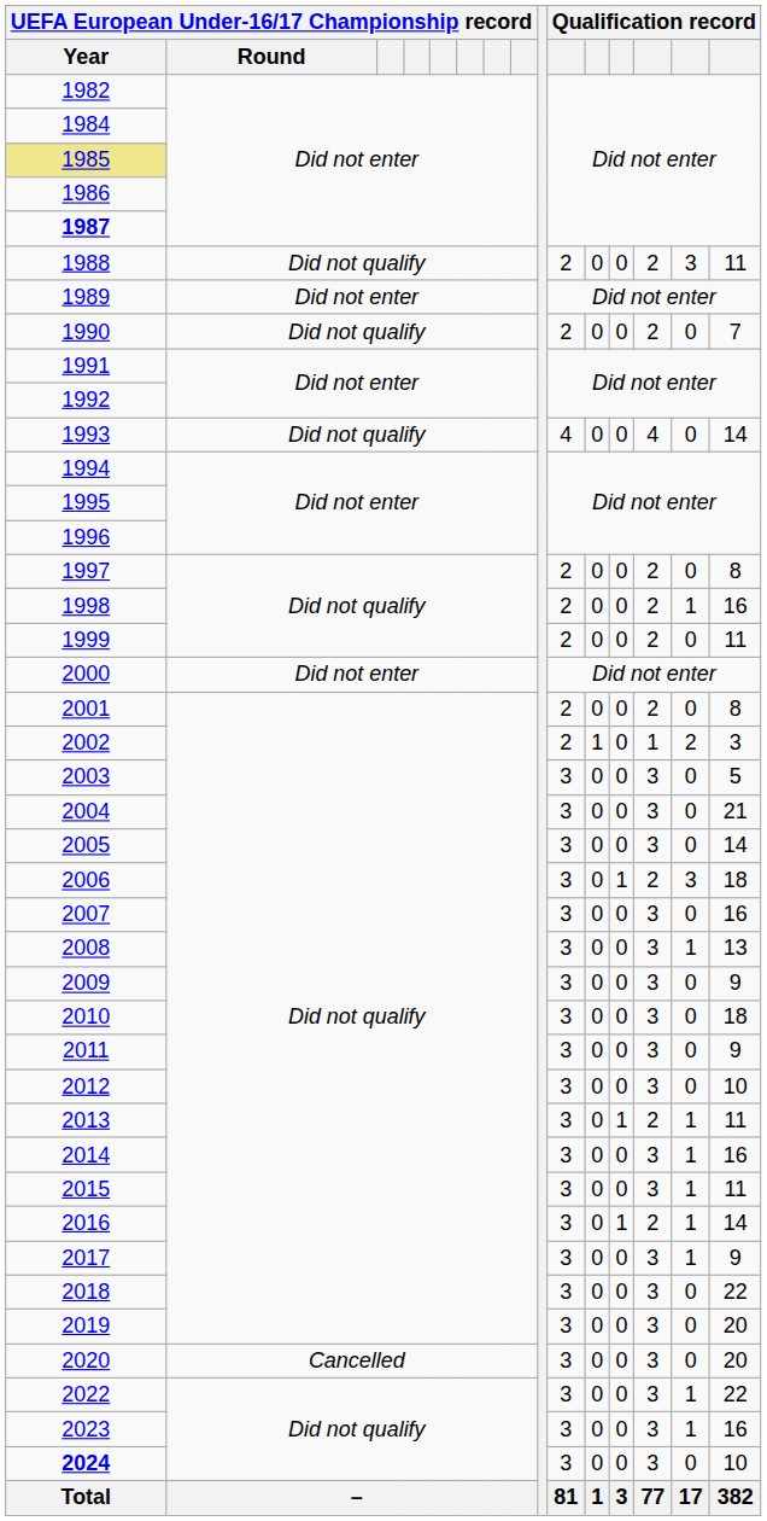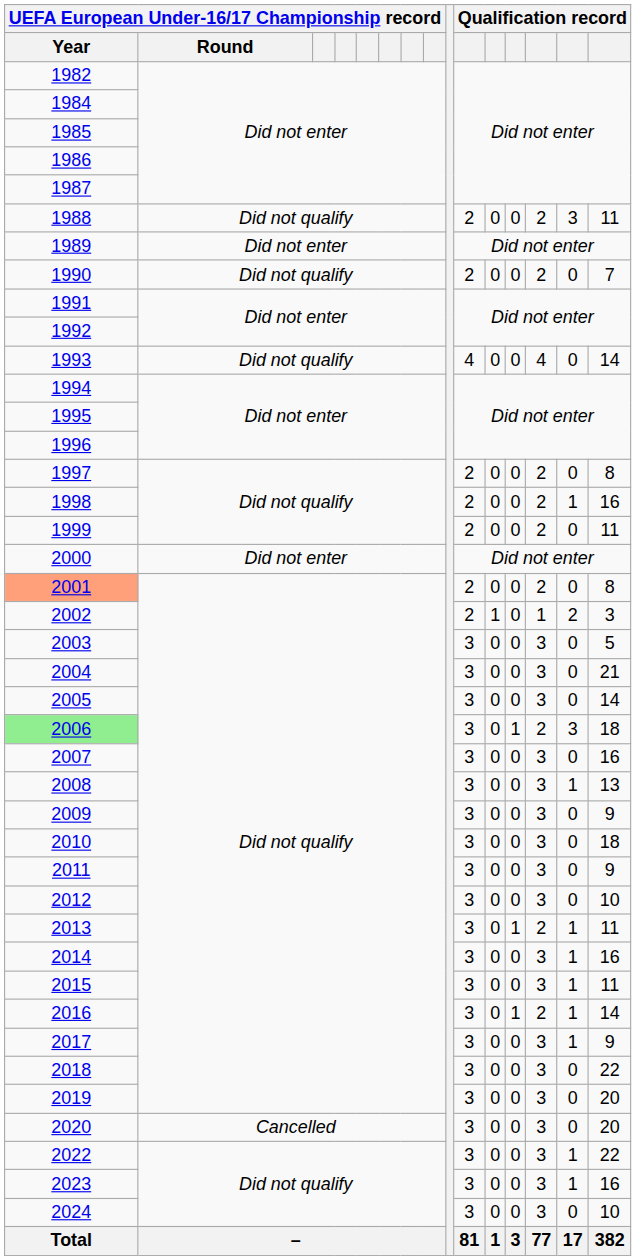 <table class="wikitable" style="text-align: center;">
 <tr>
 <th colspan=8><a href='#'>UEFA European Under-16/17 Championship</a> record</th>
 <th rowspan=50></th>
 <th colspan=6>Qualification record</th>
 </tr>
 <tr>
 <th>Year</th>
 <th>Round</th>
 <th></th>
 <th></th>
 <th></th>
 <th></th>
 <th></th>
 <th></th>
 <th></th>
 <th></th>
 <th></th>
 <th></th>
 <th></th>
 <th></th>
 </tr>
 <tr>
 <td> <a href='#'>1982</a></td>
 <td colspan=8 rowspan=5><em>Did not enter</em></td>
 <td colspan=6 rowspan=5><em>Did not enter</em></td>
 </tr>
 <tr>
 <td> <a href='#'>1984</a></td>
 </tr>
 <tr>
-<td style="background: khaki;"> <a href='#'>1985</a></td>
+<td> <a href='#'>1985</a></td>
 </tr>
 <tr>
 <td> <a href='#'>1986</a></td>
 </tr>
 <tr>
-<td><strong> <a href='#'>1987</a></strong></td>
+<td> <a href='#'>1987</a></td>
 </tr>
 <tr>
 <td> <a href='#'>1988</a></td>
 <td colspan="8"><em>Did not qualify</em></td>
 <td>2</td>
 <td>0</td>
 <td>0</td>
 <td>2</td>
 <td>3</td>
 <td>11</td>
 </tr>
 <tr>
 <td> <a href='#'>1989</a></td>
 <td colspan=8><em>Did not enter</em></td>
 <td colspan=6><em>Did not enter</em></td>
 </tr>
 <tr>
 <td> <a href='#'>1990</a></td>
 <td colspan="8"><em>Did not qualify</em></td>
 <td>2</td>
 <td>0</td>
 <td>0</td>
 <td>2</td>
 <td>0</td>
 <td>7</td>
 </tr>
 <tr>
 <td> <a href='#'>1991</a></td>
 <td colspan=8 rowspan=2><em>Did not enter</em></td>
 <td colspan=6 rowspan=2><em>Did not enter</em></td>
 </tr>
 <tr>
 <td> <a href='#'>1992</a></td>
 </tr>
 <tr>
 <td> <a href='#'>1993</a></td>
 <td colspan="8"><em>Did not qualify</em></td>
 <td>4</td>
 <td>0</td>
 <td>0</td>
 <td>4</td>
 <td>0</td>
 <td>14</td>
 </tr>
 <tr>
 <td> <a href='#'>1994</a></td>
 <td colspan=8 rowspan=3><em>Did not enter</em></td>
 <td colspan=6 rowspan=3><em>Did not enter</em></td>
 </tr>
 <tr>
 <td> <a href='#'>1995</a></td>
 </tr>
 <tr>
 <td> <a href='#'>1996</a></td>
 </tr>
 <tr>
 <td> <a href='#'>1997</a></td>
 <td colspan="8" rowspan=3><em>Did not qualify</em></td>
 <td>2</td>
 <td>0</td>
 <td>0</td>
 <td>2</td>
 <td>0</td>
 <td>8</td>
 </tr>
 <tr>
 <td> <a href='#'>1998</a></td>
 <td>2</td>
 <td>0</td>
 <td>0</td>
 <td>2</td>
 <td>1</td>
 <td>16</td>
 </tr>
 <tr>
 <td> <a href='#'>1999</a></td>
 <td>2</td>
 <td>0</td>
 <td>0</td>
 <td>2</td>
 <td>0</td>
 <td>11</td>
 </tr>
 <tr>
 <td> <a href='#'>2000</a></td>
 <td colspan=8><em>Did not enter</em></td>
 <td colspan=6><em>Did not enter</em></td>
 </tr>
 <tr>
-<td> <a href='#'>2001</a></td>
+<td style="background: lightsalmon;"> <a href='#'>2001</a></td>
 <td colspan="8" rowspan=19><em>Did not qualify</em></td>
 <td>2</td>
 <td>0</td>
 <td>0</td>
 <td>2</td>
 <td>0</td>
 <td>8</td>
 </tr>
 <tr>
 <td> <a href='#'>2002</a></td>
 <td>2</td>
 <td>1</td>
 <td>0</td>
 <td>1</td>
 <td>2</td>
 <td>3</td>
 </tr>
 <tr>
 <td> <a href='#'>2003</a></td>
 <td>3</td>
 <td>0</td>
 <td>0</td>
 <td>3</td>
 <td>0</td>
 <td>5</td>
 </tr>
 <tr>
 <td> <a href='#'>2004</a></td>
 <td>3</td>
 <td>0</td>
 <td>0</td>
 <td>3</td>
 <td>0</td>
 <td>21</td>
 </tr>
 <tr>
 <td> <a href='#'>2005</a></td>
 <td>3</td>
 <td>0</td>
 <td>0</td>
 <td>3</td>
 <td>0</td>
 <td>14</td>
 </tr>
 <tr>
-<td> <a href='#'>2006</a></td>
+<td style="background: lightgreen;"> <a href='#'>2006</a></td>
 <td>3</td>
 <td>0</td>
 <td>1</td>
 <td>2</td>
 <td>3</td>
 <td>18</td>
 </tr>
 <tr>
 <td> <a href='#'>2007</a></td>
 <td>3</td>
 <td>0</td>
 <td>0</td>
 <td>3</td>
 <td>0</td>
 <td>16</td>
 </tr>
 <tr>
 <td> <a href='#'>2008</a></td>
 <td>3</td>
 <td>0</td>
 <td>0</td>
 <td>3</td>
 <td>1</td>
 <td>13</td>
 </tr>
 <tr>
 <td> <a href='#'>2009</a></td>
 <td>3</td>
 <td>0</td>
 <td>0</td>
 <td>3</td>
 <td>0</td>
 <td>9</td>
 </tr>
 <tr>
 <td> <a href='#'>2010</a></td>
 <td>3</td>
 <td>0</td>
 <td>0</td>
 <td>3</td>
 <td>0</td>
 <td>18</td>
 </tr>
 <tr>
 <td> <a href='#'>2011</a></td>
 <td>3</td>
 <td>0</td>
 <td>0</td>
 <td>3</td>
 <td>0</td>
 <td>9</td>
 </tr>
 <tr>
 <td> <a href='#'>2012</a></td>
 <td>3</td>
 <td>0</td>
 <td>0</td>
 <td>3</td>
 <td>0</td>
 <td>10</td>
 </tr>
 <tr>
 <td> <a href='#'>2013</a></td>
 <td>3</td>
 <td>0</td>
 <td>1</td>
 <td>2</td>
 <td>1</td>
 <td>11</td>
 </tr>
 <tr>
 <td> <a href='#'>2014</a></td>
 <td>3</td>
 <td>0</td>
 <td>0</td>
 <td>3</td>
 <td>1</td>
 <td>16</td>
 </tr>
 <tr>
 <td> <a href='#'>2015</a></td>
 <td>3</td>
 <td>0</td>
 <td>0</td>
 <td>3</td>
 <td>1</td>
 <td>11</td>
 </tr>
 <tr>
 <td> <a href='#'>2016</a></td>
 <td>3</td>
 <td>0</td>
 <td>1</td>
 <td>2</td>
 <td>1</td>
 <td>14</td>
 </tr>
 <tr>
 <td> <a href='#'>2017</a></td>
 <td>3</td>
 <td>0</td>
 <td>0</td>
 <td>3</td>
 <td>1</td>
 <td>9</td>
 </tr>
 <tr>
 <td> <a href='#'>2018</a></td>
 <td>3</td>
 <td>0</td>
 <td>0</td>
 <td>3</td>
 <td>0</td>
 <td>22</td>
 </tr>
 <tr>
 <td> <a href='#'>2019</a></td>
 <td>3</td>
 <td>0</td>
 <td>0</td>
 <td>3</td>
 <td>0</td>
 <td>20</td>
 </tr>
 <tr>
 <td> <a href='#'>2020</a></td>
 <td colspan=8><em>Cancelled</em></td>
 <td>3</td>
 <td>0</td>
 <td>0</td>
 <td>3</td>
 <td>0</td>
 <td>20</td>
 </tr>
 <tr>
 <td> <a href='#'>2022</a></td>
 <td colspan="8" rowspan=3><em>Did not qualify</em></td>
 <td>3</td>
 <td>0</td>
 <td>0</td>
 <td>3</td>
 <td>1</td>
 <td>22</td>
 </tr>
 <tr>
 <td> <a href='#'>2023</a></td>
 <td>3</td>
 <td>0</td>
 <td>0</td>
 <td>3</td>
 <td>1</td>
 <td>16</td>
 </tr>
 <tr>
-<td><strong> <a href='#'>2024</a></strong></td>
+<td> <a href='#'>2024</a></td>
 <td>3</td>
 <td>0</td>
 <td>0</td>
 <td>3</td>
 <td>0</td>
 <td>10</td>
 </tr>
 <tr>
 <th>Total</th>
 <th colspan=8>–</th>
 <th>81</th>
 <th>1</th>
 <th>3</th>
 <th>77</th>
 <th>17</th>
 <th>382</th>
 </tr>
 </table>
